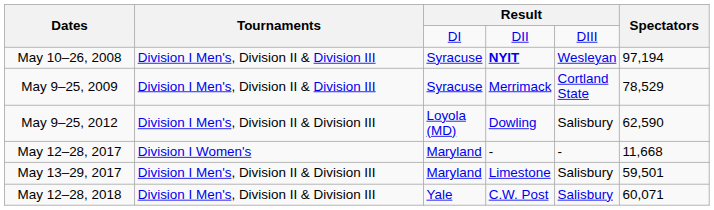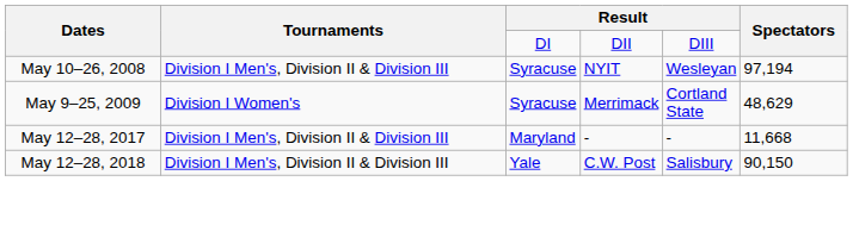 <table class="wikitable" style="text-align:left; width:95%;" style="text-align:center">
 <tr>
 <th rowspan="2" style="text-align:center; ">Dates</th>
 <th rowspan="2" style="text-align:center; ">Tournaments</th>
 <th colspan="3" style="text-align:center; ">Result</th>
 <th rowspan="2" style="text-align:center; ">Spectators</th>
 </tr>
 <tr>
 <td width="20" style="text-align:center; "><a href='#'><span>DI</span></a></td>
 <td width="20" style="text-align:center; "><a href='#'><span>DII</span></a></td>
 <td width="20" style="text-align:center; "><a href='#'><span>DIII</span></a></td>
 </tr>
 <tr>
 <td style="text-align:center;">May 10–26, 2008</td>
 <td><a href='#'>Division I Men's</a>, Division II & <a href='#'>Division III</a></td>
 <td> <a href='#'>Syracuse</a></td>
-<td><strong> <a href='#'>NYIT</a></strong></td>
+<td> <a href='#'>NYIT</a></td>
 <td> <a href='#'>Wesleyan</a></td>
 <td>97,194</td>
 </tr>
 <tr>
 <td style="text-align:center;">May 9–25, 2009</td>
-<td><a href='#'>Division I Men's</a>, Division II & <a href='#'>Division III</a></td>
+<td><a href='#'>Division I Women's</a></td>
 <td> <a href='#'>Syracuse</a></td>
 <td> <a href='#'>Merrimack</a></td>
 <td> <a href='#'>Cortland State</a></td>
-<td>78,529</td>
-</tr>
-<tr>
-<td style="text-align:center;">May 9–25, 2012</td>
-<td><a href='#'>Division I Men's</a>, Division II & Division III</td>
-<td> <a href='#'>Loyola (MD)</a></td>
-<td> <a href='#'>Dowling</a></td>
-<td> Salisbury</td>
-<td>62,590</td>
+<td>48,629</td>
 </tr>
 <tr>
 <td style="text-align:center;">May 12–28, 2017</td>
-<td><a href='#'>Division I Women's</a></td>
+<td><a href='#'>Division I Men's</a>, Division II & <a href='#'>Division III</a></td>
 <td> <a href='#'>Maryland</a></td>
 <td>-</td>
 <td>-</td>
 <td>11,668</td>
-</tr>
-<tr>
-<td style="text-align:center;">May 13–29, 2017</td>
-<td><a href='#'>Division I Men's</a>, Division II & Division III</td>
-<td> <a href='#'>Maryland</a></td>
-<td> <a href='#'>Limestone</a></td>
-<td> Salisbury</td>
-<td>59,501</td>
 </tr>
 <tr>
 <td style="text-align:center;">May 12–28, 2018</td>
 <td><a href='#'>Division I Men's</a>, Division II & Division III</td>
 <td> <a href='#'>Yale</a></td>
 <td> <a href='#'>C.W. Post</a></td>
 <td><a href='#'>Salisbury</a></td>
-<td>60,071</td>
+<td>90,150</td>
 </tr>
 </table>
